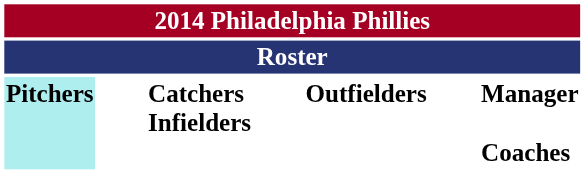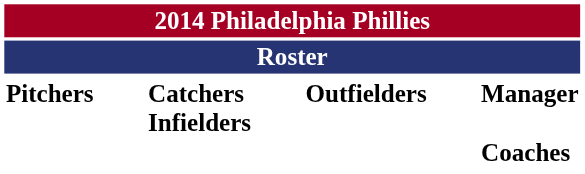 <table class="toccolours" style="font-size: 95%;">
 <tr>
 <th colspan="10" style="background:#a50024; color:#fff; text-align:center;"><strong>2014 Philadelphia Phillies</strong></th>
 </tr>
 <tr>
 <td colspan="7" style="background:#263473; color:white; text-align:center;"><strong>Roster</strong></td>
 </tr>
 <tr>
-<td valign="top" style="background: paleturquoise;"><strong>Pitchers</strong><br>                         </td>
+<td valign="top"><strong>Pitchers</strong><br>                         </td>
 <td style="width:25px;"></td>
 <td valign="top"><strong>Catchers</strong><br>    <strong>Infielders</strong>            </td>
 <td style="width:25px;"></td>
 <td valign="top"><strong>Outfielders</strong><br>      </td>
 <td style="width:25px;"></td>
 <td valign="top"><strong>Manager</strong><br><br><strong>Coaches</strong>                </td>
 </tr>
 </table>
